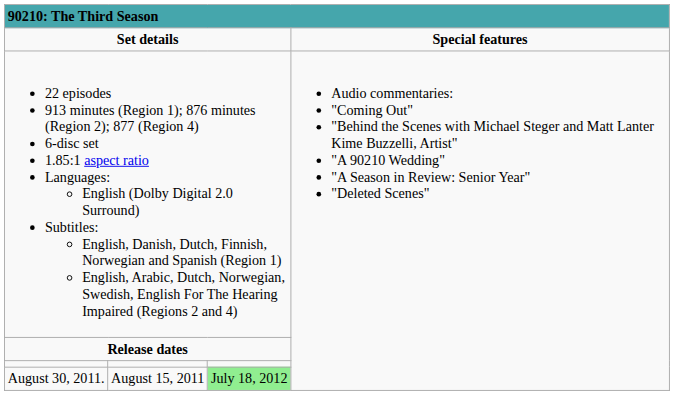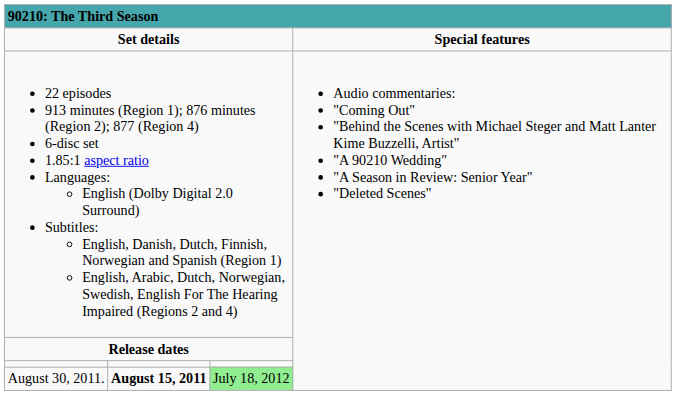 <table class="wikitable" style="font-size:95%;">
 <tr style="background:#45A6AC">
 <td colspan="6"><strong>90210: The Third Season</strong></td>
 </tr>
 <tr>
 <td align="center" width="300" colspan="3"><strong>Set details</strong></td>
 <td width="400" align="center"><strong>Special features</strong></td>
 </tr>
 <tr valign="top">
 <td colspan="3" align="left" width="300"><br><ul><li>22 episodes</li><li>913 minutes (Region 1); 876 minutes (Region 2); 877 (Region 4)</li><li>6-disc set</li><li>1.85:1 <a href='#'>aspect ratio</a></li><li>Languages:<ul><li>English (Dolby Digital 2.0 Surround)</li></ul></li><li>Subtitles:<ul><li>English, Danish, Dutch, Finnish, Norwegian and Spanish (Region 1)</li><li>English, Arabic, Dutch, Norwegian, Swedish, English For The Hearing Impaired (Regions 2 and 4)</li></ul></li></ul></td>
 <td rowspan="4" align="left" width="400"><br><ul><li>Audio commentaries:</li><li>"Coming Out"</li><li>"Behind the Scenes with Michael Steger and Matt Lanter Kime Buzzelli, Artist"</li><li>"A 90210 Wedding"</li><li>"A Season in Review: Senior Year"</li><li>"Deleted Scenes"</li></ul></td>
 </tr>
 <tr>
 <td colspan="3" align="center"><strong>Release dates</strong></td>
 </tr>
 <tr>
 <td align="center"></td>
 <td align="center"></td>
 <td align="center"></td>
 </tr>
 <tr>
 <td align="center">August 30, 2011.</td>
-<td align="center">August 15, 2011</td>
+<td align="center"><strong>August 15, 2011</strong></td>
 <td align="center" style="background: lightgreen;">July 18, 2012</td>
 </tr>
 </table>
